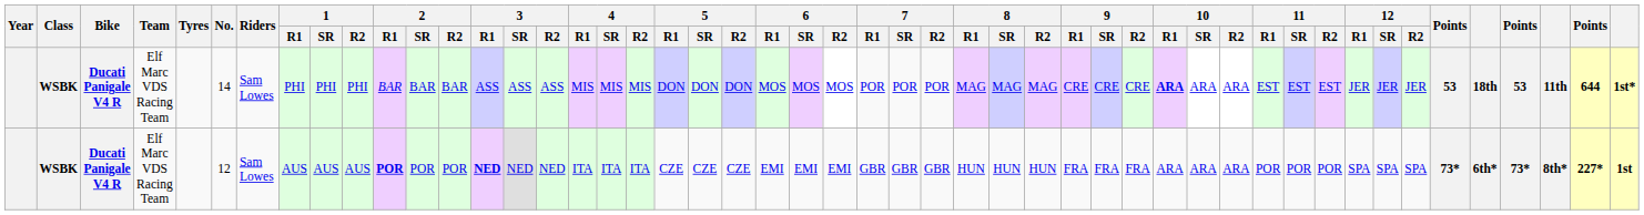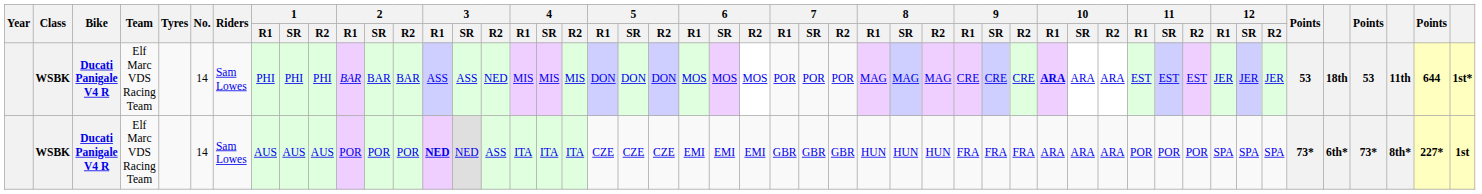 <table class="wikitable" style="text-align:center; font-size:90%;">
 <tr>
 <th scope="col" rowspan="2">Year</th>
 <th scope="col" rowspan="2">Class</th>
 <th scope="col" rowspan="2">Bike</th>
 <th scope="col" rowspan="2">Team</th>
 <th scope="col" rowspan="2">Tyres</th>
 <th scope="col" rowspan="2">No.</th>
 <th scope="col" rowspan="2">Riders</th>
 <th scope="col" colspan="3">1</th>
 <th scope="col" colspan="3">2</th>
 <th scope="col" colspan="3">3</th>
 <th scope="col" colspan="3">4</th>
 <th scope="col" colspan="3">5</th>
 <th scope="col" colspan="3">6</th>
 <th scope="col" colspan="3">7</th>
 <th scope="col" colspan="3">8</th>
 <th scope="col" colspan="3">9</th>
 <th scope="col" colspan="3">10</th>
 <th scope="col" colspan="3">11</th>
 <th scope="col" colspan="3">12</th>
 <th scope="col" rowspan="2">Points</th>
 <th scope="col" rowspan="2"></th>
 <th scope="col" rowspan="2">Points</th>
 <th scope="col" rowspan="2"></th>
 <th scope="col" rowspan="2">Points</th>
 <th scope="col" rowspan="2"></th>
 </tr>
 <tr>
 <th>R1</th>
 <th>SR</th>
 <th>R2</th>
 <th>R1</th>
 <th>SR</th>
 <th>R2</th>
 <th>R1</th>
 <th>SR</th>
 <th>R2</th>
 <th>R1</th>
 <th>SR</th>
 <th>R2</th>
 <th>R1</th>
 <th>SR</th>
 <th>R2</th>
 <th>R1</th>
 <th>SR</th>
 <th>R2</th>
 <th>R1</th>
 <th>SR</th>
 <th>R2</th>
 <th>R1</th>
 <th>SR</th>
 <th>R2</th>
 <th>R1</th>
 <th>SR</th>
 <th>R2</th>
 <th>R1</th>
 <th>SR</th>
 <th>R2</th>
 <th>R1</th>
 <th>SR</th>
 <th>R2</th>
 <th>R1</th>
 <th>SR</th>
 <th>R2</th>
 </tr>
 <tr>
 <th scope="row"></th>
 <th>WSBK</th>
 <th><a href='#'>Ducati Panigale V4 R</a></th>
 <td>Elf Marc VDS Racing Team</td>
 <td></td>
 <td>14</td>
 <td style="text-align:left;"> <a href='#'>Sam Lowes</a></td>
 <td style="background:#DFFFDF;"><a href='#'>PHI</a><br></td>
 <td style="background:#DFFFDF;"><a href='#'>PHI</a><br></td>
 <td style="background:#DFFFDF;"><a href='#'>PHI</a><br></td>
 <td style="background:#EFCFFF;"><em><a href='#'>BAR</a></em><br></td>
 <td style="background:#DFFFDF;"><a href='#'>BAR</a><br></td>
 <td style="background:#DFFFDF;"><a href='#'>BAR</a><br></td>
 <td style="background:#CFCFFF;"><a href='#'>ASS</a><br></td>
 <td style="background:#DFFFDF;"><a href='#'>ASS</a><br></td>
-<td style="background:#DFFFDF;"><a href='#'>ASS</a><br></td>
+<td style="background:#DFFFDF;"><a href='#'>NED</a><br></td>
 <td style="background:#EFCFFF;"><a href='#'>MIS</a><br></td>
 <td style="background:#EFCFFF;"><a href='#'>MIS</a><br></td>
 <td style="background:#DFFFDF;"><a href='#'>MIS</a><br></td>
 <td style="background:#CFCFFF;"><a href='#'>DON</a><br></td>
 <td style="background:#DFFFDF;"><a href='#'>DON</a><br></td>
 <td style="background:#CFCFFF;"><a href='#'>DON</a><br></td>
 <td style="background:#DFFFDF;"><a href='#'>MOS</a><br></td>
 <td style="background:#EFCFFF;"><a href='#'>MOS</a><br></td>
 <td style="background:#FFFFFF;"><a href='#'>MOS</a><br></td>
 <td><a href='#'>POR</a></td>
 <td><a href='#'>POR</a></td>
 <td><a href='#'>POR</a></td>
 <td style="background:#EFCFFF;"><a href='#'>MAG</a><br></td>
 <td style="background:#CFCFFF;"><a href='#'>MAG</a><br></td>
 <td style="background:#EFCFFF;"><a href='#'>MAG</a><br></td>
 <td style="background:#EFCFFF;"><a href='#'>CRE</a><br></td>
 <td style="background:#CFCFFF;"><a href='#'>CRE</a><br></td>
 <td style="background:#DFFFDF;"><a href='#'>CRE</a><br></td>
 <td style="background:#EFCFFF;"><strong><a href='#'>ARA</a><br></strong></td>
 <td style="background:#FFFFFF;"><a href='#'>ARA</a><br></td>
 <td style="background:#FFFFFF;"><a href='#'>ARA</a><br></td>
 <td style="background:#DFFFDF;"><a href='#'>EST</a><br></td>
 <td style="background:#CFCFFF;"><a href='#'>EST</a><br></td>
 <td style="background:#EFCFFF;"><a href='#'>EST</a><br></td>
 <td style="background:#DFFFDF;"><a href='#'>JER</a><br></td>
 <td style="background:#CFCFFF;"><a href='#'>JER</a><br></td>
 <td style="background:#DFFFDF;"><a href='#'>JER</a><br></td>
 <th>53</th>
 <th>18th</th>
 <th>53</th>
 <th>11th</th>
 <th style="background:#FFFFBF;">644</th>
 <th style="background:#FFFFBf;">1st*</th>
 </tr>
 <tr>
 <th scope="row"></th>
 <th>WSBK</th>
 <th><a href='#'>Ducati Panigale V4 R</a></th>
 <td>Elf Marc VDS Racing Team</td>
 <td></td>
-<td>12</td>
+<td>14</td>
 <td style="text-align:left;"> <a href='#'>Sam Lowes</a></td>
 <td style="background:#DFFFDF;"><a href='#'>AUS</a><br></td>
 <td style="background:#DFFFDF;"><a href='#'>AUS</a><br></td>
 <td style="background:#DFFFDF;"><a href='#'>AUS</a><br></td>
-<td style="background:#EFCFFF;"><strong><a href='#'>POR</a><br></strong></td>
+<td style="background:#EFCFFF;"><a href='#'>POR</a><br></td>
 <td style="background:#DFFFDF;"><a href='#'>POR</a><br></td>
 <td style="background:#DFFFDF;"><a href='#'>POR</a><br></td>
 <td style="background:#EFCFFF;"><strong><a href='#'>NED</a></strong><br></td>
 <td style="background:#DFDFDF;"><a href='#'>NED</a><br></td>
-<td style="background:#DFFFDF;"><a href='#'>NED</a><br></td>
+<td style="background:#DFFFDF;"><a href='#'>ASS</a><br></td>
 <td style="background:#DFFFDF;"><a href='#'>ITA</a><br></td>
 <td style="background:#DFFFDF;"><a href='#'>ITA</a><br></td>
 <td style="background:#DFFFDF;"><a href='#'>ITA</a><br></td>
 <td style="background:#;"><a href='#'>CZE</a><br></td>
 <td style="background:#;"><a href='#'>CZE</a><br></td>
 <td style="background:#;"><a href='#'>CZE</a><br></td>
 <td style="background:#;"><a href='#'>EMI</a><br></td>
 <td style="background:#;"><a href='#'>EMI</a><br></td>
 <td style="background:#;"><a href='#'>EMI</a><br></td>
 <td style="background:#;"><a href='#'>GBR</a><br></td>
 <td style="background:#;"><a href='#'>GBR</a><br></td>
 <td style="background:#;"><a href='#'>GBR</a><br></td>
 <td style="background:#;"><a href='#'>HUN</a><br></td>
 <td style="background:#;"><a href='#'>HUN</a><br></td>
 <td style="background:#;"><a href='#'>HUN</a><br></td>
 <td style="background:#;"><a href='#'>FRA</a><br></td>
 <td style="background:#;"><a href='#'>FRA</a><br></td>
 <td style="background:#;"><a href='#'>FRA</a><br></td>
 <td style="background:#;"><a href='#'>ARA</a><br></td>
 <td style="background:#;"><a href='#'>ARA</a><br></td>
 <td style="background:#;"><a href='#'>ARA</a><br></td>
 <td style="background:#;"><a href='#'>POR</a><br></td>
 <td style="background:#;"><a href='#'>POR</a><br></td>
 <td style="background:#;"><a href='#'>POR</a><br></td>
 <td style="background:#;"><a href='#'>SPA</a><br></td>
 <td style="background:#;"><a href='#'>SPA</a><br></td>
 <td style="background:#;"><a href='#'>SPA</a><br></td>
 <th style="background:#;">73*</th>
 <th style="background:#;">6th*</th>
 <th style="background:#;">73*</th>
 <th style="background:#;">8th*</th>
 <th style="background:#FFFFBF;">227*</th>
 <th style="background:#FFFFBF;">1st</th>
 </tr>
 </table>
